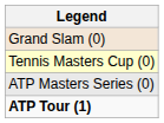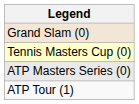 <table class="wikitable">
 <tr>
 <th>Legend</th>
 </tr>
 <tr bgcolor="#f3e6d7">
 <td>Grand Slam (0)</td>
 </tr>
 <tr bgcolor="ffffcc">
 <td>Tennis Masters Cup (0)</td>
 </tr>
 <tr bgcolor="E9E9E9">
 <td>ATP Masters Series (0)</td>
 </tr>
 <tr>
-<td><strong>ATP Tour (1)</strong></td>
+<td>ATP Tour (1)</td>
 </tr>
 </table>
